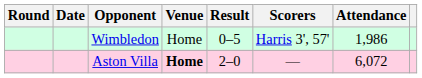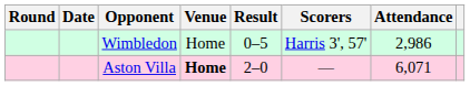 <table class="wikitable sortable" style="text-align:center;">
 <tr>
 <th>Round</th>
 <th>Date</th>
 <th>Opponent</th>
 <th>Venue</th>
 <th>Result</th>
 <th class="unsortable">Scorers</th>
 <th>Attendance</th>
 <th class="unsortable"></th>
 </tr>
 <tr style="background-color: #d0ffe3;">
 <td></td>
 <td></td>
 <td><a href='#'>Wimbledon</a></td>
 <td>Home</td>
 <td>0–5</td>
 <td><a href='#'>Harris</a> 3', 57'</td>
-<td>1,986</td>
+<td>2,986</td>
 <td></td>
 </tr>
 <tr style="background-color: #ffd0e3;">
 <td></td>
 <td></td>
 <td><a href='#'>Aston Villa</a></td>
 <td><strong>Home</strong></td>
 <td>2–0</td>
 <td>—</td>
-<td>6,072</td>
+<td>6,071</td>
 <td></td>
 </tr>
 </table>
